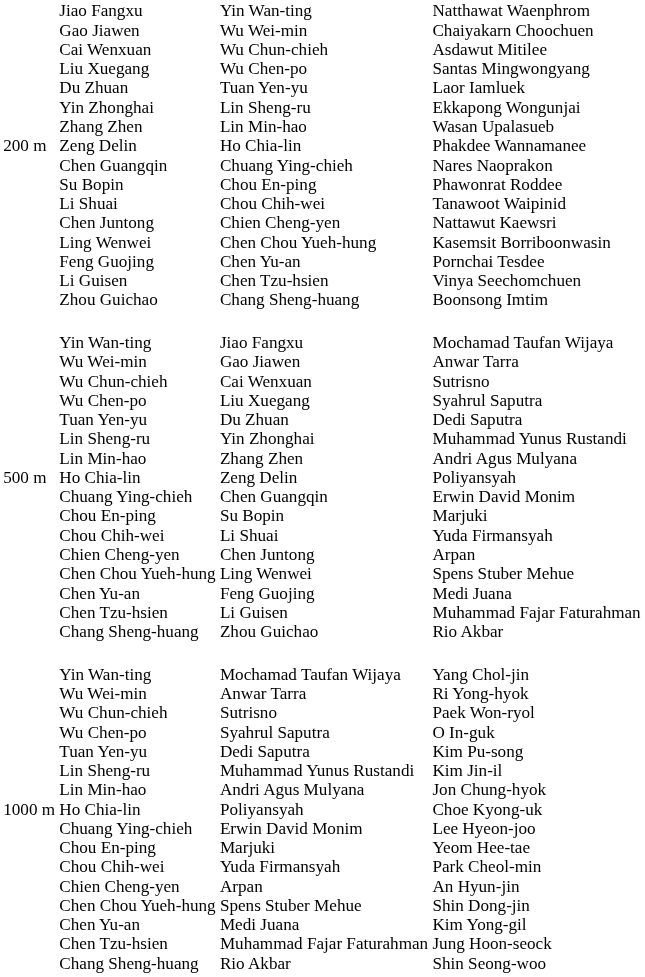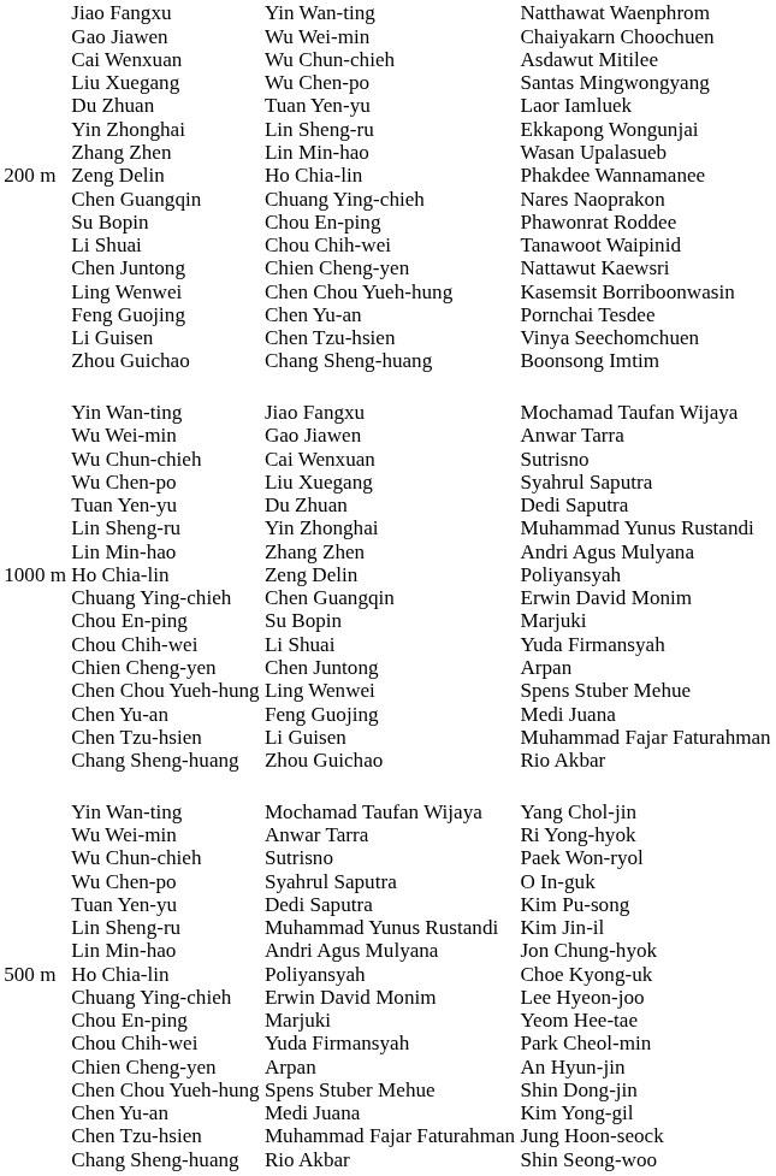 <table>
 <tr>
 <td>200 m<br></td>
 <td><br>Jiao Fangxu<br>Gao Jiawen<br>Cai Wenxuan<br>Liu Xuegang<br>Du Zhuan<br>Yin Zhonghai<br>Zhang Zhen<br>Zeng Delin<br>Chen Guangqin<br>Su Bopin<br>Li Shuai<br>Chen Juntong<br>Ling Wenwei<br>Feng Guojing<br>Li Guisen<br>Zhou Guichao</td>
 <td><br>Yin Wan-ting<br>Wu Wei-min<br>Wu Chun-chieh<br>Wu Chen-po<br>Tuan Yen-yu<br>Lin Sheng-ru<br>Lin Min-hao<br>Ho Chia-lin<br>Chuang Ying-chieh<br>Chou En-ping<br>Chou Chih-wei<br>Chien Cheng-yen<br>Chen Chou Yueh-hung<br>Chen Yu-an<br>Chen Tzu-hsien<br>Chang Sheng-huang</td>
 <td><br>Natthawat Waenphrom<br>Chaiyakarn Choochuen<br>Asdawut Mitilee<br>Santas Mingwongyang<br>Laor Iamluek<br>Ekkapong Wongunjai<br>Wasan Upalasueb<br>Phakdee Wannamanee<br>Nares Naoprakon<br>Phawonrat Roddee<br>Tanawoot Waipinid<br>Nattawut Kaewsri<br>Kasemsit Borriboonwasin<br>Pornchai Tesdee<br>Vinya Seechomchuen<br>Boonsong Imtim</td>
 </tr>
 <tr>
-<td>500 m<br></td>
+<td>1000 m<br></td>
 <td><br>Yin Wan-ting<br>Wu Wei-min<br>Wu Chun-chieh<br>Wu Chen-po<br>Tuan Yen-yu<br>Lin Sheng-ru<br>Lin Min-hao<br>Ho Chia-lin<br>Chuang Ying-chieh<br>Chou En-ping<br>Chou Chih-wei<br>Chien Cheng-yen<br>Chen Chou Yueh-hung<br>Chen Yu-an<br>Chen Tzu-hsien<br>Chang Sheng-huang</td>
 <td><br>Jiao Fangxu<br>Gao Jiawen<br>Cai Wenxuan<br>Liu Xuegang<br>Du Zhuan<br>Yin Zhonghai<br>Zhang Zhen<br>Zeng Delin<br>Chen Guangqin<br>Su Bopin<br>Li Shuai<br>Chen Juntong<br>Ling Wenwei<br>Feng Guojing<br>Li Guisen<br>Zhou Guichao</td>
 <td><br>Mochamad Taufan Wijaya<br>Anwar Tarra<br>Sutrisno<br>Syahrul Saputra<br>Dedi Saputra<br>Muhammad Yunus Rustandi<br>Andri Agus Mulyana<br>Poliyansyah<br>Erwin David Monim<br>Marjuki<br>Yuda Firmansyah<br>Arpan<br>Spens Stuber Mehue<br>Medi Juana<br>Muhammad Fajar Faturahman<br>Rio Akbar</td>
 </tr>
 <tr>
-<td>1000 m<br></td>
+<td>500 m<br></td>
 <td><br>Yin Wan-ting<br>Wu Wei-min<br>Wu Chun-chieh<br>Wu Chen-po<br>Tuan Yen-yu<br>Lin Sheng-ru<br>Lin Min-hao<br>Ho Chia-lin<br>Chuang Ying-chieh<br>Chou En-ping<br>Chou Chih-wei<br>Chien Cheng-yen<br>Chen Chou Yueh-hung<br>Chen Yu-an<br>Chen Tzu-hsien<br>Chang Sheng-huang</td>
 <td><br>Mochamad Taufan Wijaya<br>Anwar Tarra<br>Sutrisno<br>Syahrul Saputra<br>Dedi Saputra<br>Muhammad Yunus Rustandi<br>Andri Agus Mulyana<br>Poliyansyah<br>Erwin David Monim<br>Marjuki<br>Yuda Firmansyah<br>Arpan<br>Spens Stuber Mehue<br>Medi Juana<br>Muhammad Fajar Faturahman<br>Rio Akbar</td>
 <td><br>Yang Chol-jin<br>Ri Yong-hyok<br>Paek Won-ryol<br>O In-guk<br>Kim Pu-song<br>Kim Jin-il<br>Jon Chung-hyok<br>Choe Kyong-uk<br>Lee Hyeon-joo<br>Yeom Hee-tae<br>Park Cheol-min<br>An Hyun-jin<br>Shin Dong-jin<br>Kim Yong-gil<br>Jung Hoon-seock<br>Shin Seong-woo</td>
 </tr>
 </table>
